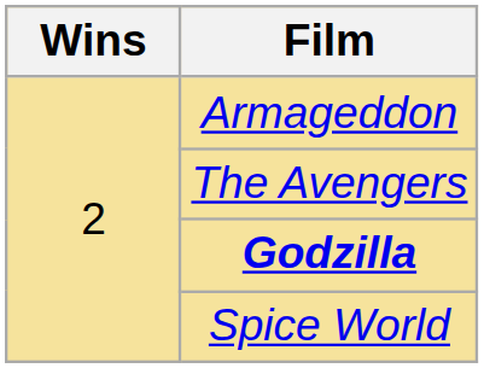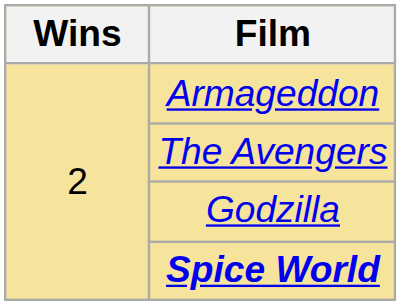 <table class="wikitable sortable" rowspan=2 border="2" cellpadding="4" style="text-align: center; background: #f6e39c">
 <tr>
 <th scope="col" width="55">Wins</th>
 <th scope="col" align="center">Film</th>
 </tr>
 <tr>
 <td rowspan="4" style="text-align:center">2</td>
 <td><em><a href='#'>Armageddon</a></em></td>
 </tr>
 <tr>
 <td><em><a href='#'>The Avengers</a></em></td>
 </tr>
 <tr>
-<td><strong><em><a href='#'>Godzilla</a></em></strong></td>
+<td><em><a href='#'>Godzilla</a></em></td>
 </tr>
 <tr>
-<td><em><a href='#'>Spice World</a></em></td>
+<td><strong><em><a href='#'>Spice World</a></em></strong></td>
 </tr>
 </table>
